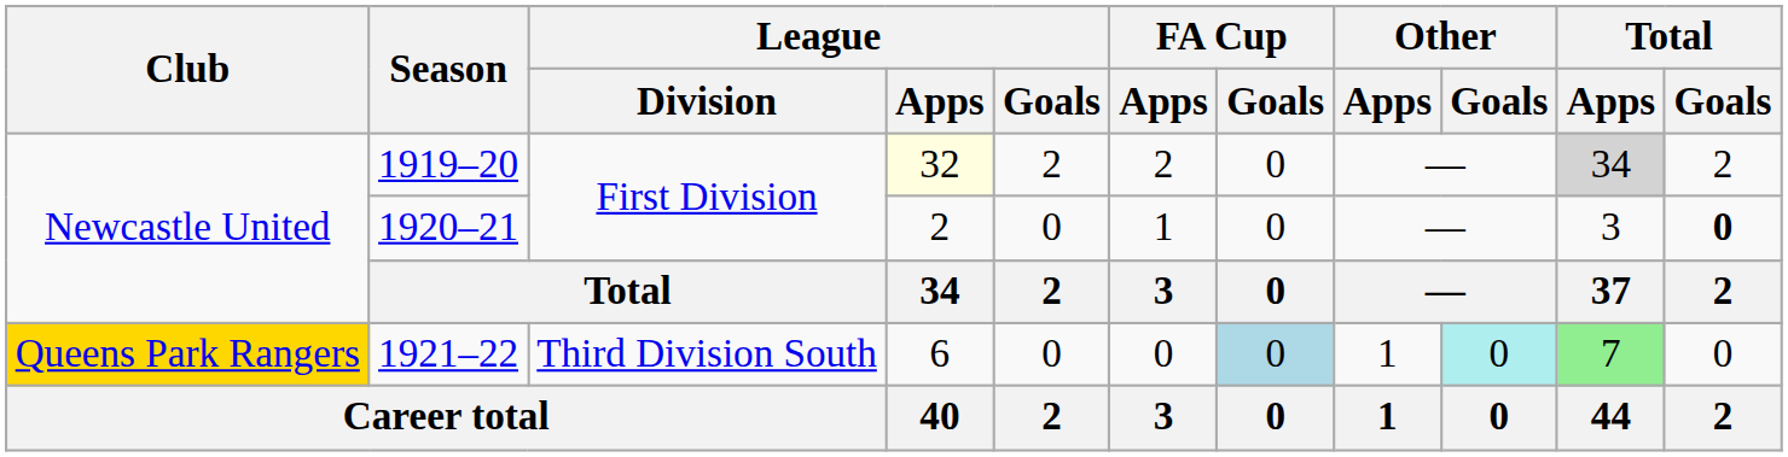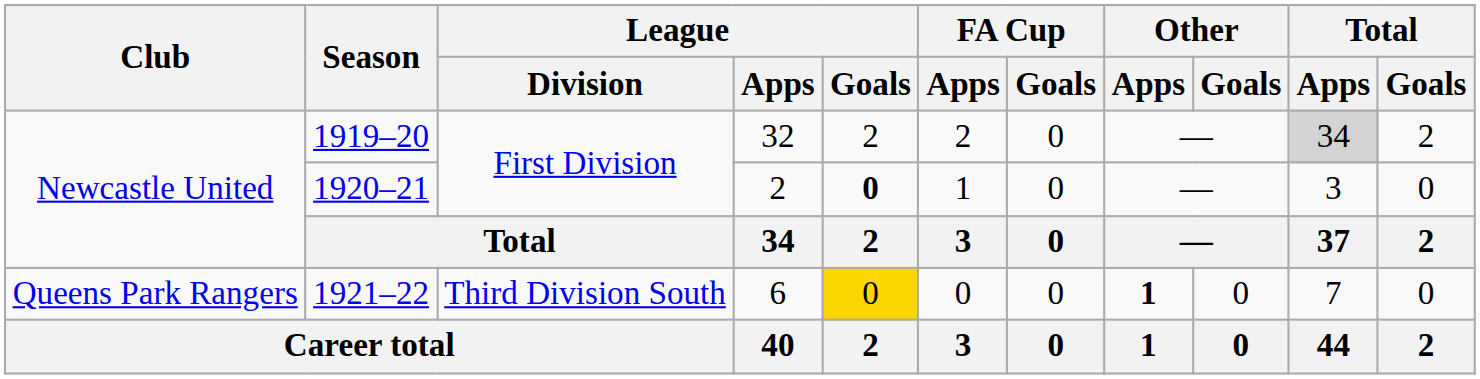 <table class="wikitable" style="text-align: center">
 <tr>
 <th rowspan="2">Club</th>
 <th rowspan="2">Season</th>
 <th colspan="3">League</th>
 <th colspan="2">FA Cup</th>
 <th colspan="2">Other</th>
 <th colspan="2">Total</th>
 </tr>
 <tr>
 <th>Division</th>
 <th>Apps</th>
 <th>Goals</th>
 <th>Apps</th>
 <th>Goals</th>
 <th>Apps</th>
 <th>Goals</th>
 <th>Apps</th>
 <th>Goals</th>
 </tr>
 <tr>
 <td rowspan="3"><a href='#'>Newcastle United</a></td>
 <td><a href='#'>1919–20</a></td>
 <td rowspan="2"><a href='#'>First Division</a></td>
-<td style="background: lightyellow;">32</td>
+<td>32</td>
 <td>2</td>
 <td>2</td>
 <td>0</td>
 <td colspan="2">―</td>
 <td style="background: lightgrey;">34</td>
 <td>2</td>
 </tr>
 <tr>
 <td><a href='#'>1920–21</a></td>
 <td>2</td>
-<td>0</td>
+<td><strong>0</strong></td>
 <td>1</td>
 <td>0</td>
 <td colspan="2">―</td>
 <td>3</td>
-<td><strong>0</strong></td>
+<td>0</td>
 </tr>
 <tr>
 <th colspan="2">Total</th>
 <th>34</th>
 <th>2</th>
 <th>3</th>
 <th>0</th>
 <th colspan="2">―</th>
 <th>37</th>
 <th>2</th>
 </tr>
 <tr>
-<td style="background: gold;"><a href='#'>Queens Park Rangers</a></td>
+<td><a href='#'>Queens Park Rangers</a></td>
 <td><a href='#'>1921–22</a></td>
 <td><a href='#'>Third Division South</a></td>
 <td>6</td>
+<td style="background: gold;">0</td>
 <td>0</td>
 <td>0</td>
-<td style="background: lightblue;">0</td>
-<td>1</td>
-<td style="background: paleturquoise;">0</td>
-<td style="background: lightgreen;">7</td>
+<td><strong>1</strong></td>
+<td>0</td>
+<td>7</td>
 <td>0</td>
 </tr>
 <tr>
 <th colspan="3">Career total</th>
 <th>40</th>
 <th>2</th>
 <th>3</th>
 <th>0</th>
 <th>1</th>
 <th>0</th>
 <th>44</th>
 <th>2</th>
 </tr>
 </table>
